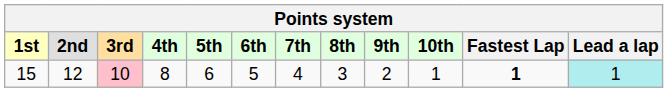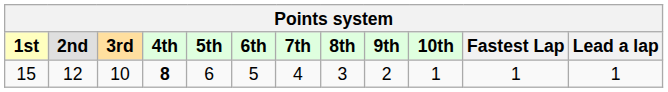 <table class="wikitable" style="font-size: 85%; text-align: center;">
 <tr>
 <th colspan="19">Points system</th>
 </tr>
 <tr>
 <td style="background:#ffffbf;"> <strong>1st</strong> </td>
 <td style="background:#dfdfdf;"> <strong>2nd</strong> </td>
 <td style="background:#ffdf9f;"> <strong>3rd</strong> </td>
 <td style="background:#dfffdf;"> <strong>4th</strong> </td>
 <td style="background:#dfffdf;"> <strong>5th</strong> </td>
 <td style="background:#dfffdf;"> <strong>6th</strong> </td>
 <td style="background:#dfffdf;"> <strong>7th</strong> </td>
 <td style="background:#dfffdf;"> <strong>8th</strong> </td>
 <td style="background:#dfffdf;"> <strong>9th</strong> </td>
 <td style="background:#dfffdf;"> <strong>10th</strong> </td>
 <th>Fastest Lap</th>
 <th>Lead a lap</th>
 </tr>
 <tr>
 <td>15</td>
 <td>12</td>
-<td style="background: pink;">10</td>
-<td>8</td>
+<td>10</td>
+<td><strong>8</strong></td>
 <td>6</td>
 <td>5</td>
 <td>4</td>
 <td>3</td>
 <td>2</td>
 <td>1</td>
-<td><strong>1</strong></td>
-<td style="background: paleturquoise;">1</td>
+<td>1</td>
+<td>1</td>
 </tr>
 </table>
